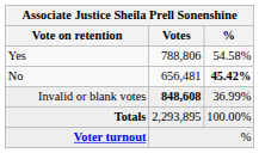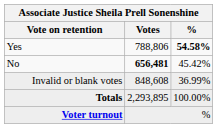 <table class="wikitable" style="font-size: 95%;">
 <tr style="background-color:#E9E9E9">
 <th colspan=7>Associate Justice Sheila Prell Sonenshine</th>
 </tr>
 <tr style="background-color:#E9E9E9">
 <th style="width: 170px">Vote on retention</th>
 <th style="width: 50px">Votes</th>
 <th style="width: 40px">%</th>
 </tr>
 <tr>
 <td>Yes</td>
 <td align="right">788,806</td>
-<td align="right">54.58%</td>
+<td align="right"><strong>54.58%</strong></td>
 </tr>
 <tr>
 <td>No</td>
-<td align="right">656,481</td>
-<td align="right"><strong>45.42%</strong></td>
+<td align="right"><strong>656,481</strong></td>
+<td align="right">45.42%</td>
 </tr>
 <tr style="background-color:#EEEEEE">
 <td align="right">Invalid or blank votes</td>
-<td align="right"><strong>848,608</strong></td>
+<td align="right">848,608</td>
 <td align="right">36.99%</td>
 </tr>
 <tr style="background-color:#EEEEEE">
 <td colspan="1" align="right"><strong>Totals</strong></td>
 <td align="right">2,293,895</td>
 <td align="right">100.00%</td>
 </tr>
 <tr style="background-color:#EEEEEE">
 <td align="right"><strong><a href='#'>Voter turnout</a></strong></td>
 <td colspan="2" align="right">%</td>
 </tr>
 </table>
